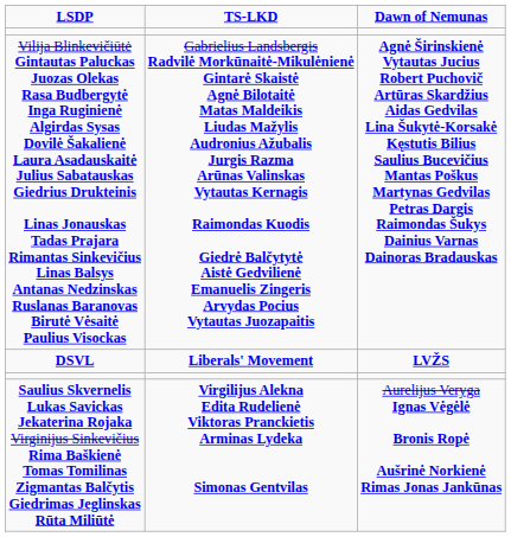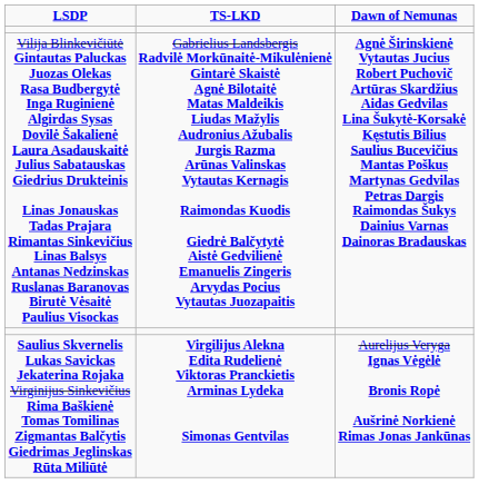 <table class="wikitable sortable" style="text-align:center; margin:left">
 <tr>
 <td><strong><a href='#'>LSDP</a></strong></td>
 <td><strong><a href='#'>TS-LKD</a></strong></td>
 <td><strong><a href='#'>Dawn of Nemunas</a></strong></td>
 </tr>
 <tr>
 <td></td>
 <td></td>
 <td></td>
 </tr>
 <tr>
 <td valign=top><del><a href='#'>Vilija Blinkevičiūtė</a></del><br><strong><a href='#'>Gintautas Paluckas</a></strong><br><strong><a href='#'>Juozas Olekas</a></strong><br><strong><a href='#'>Rasa Budbergytė</a></strong><br><strong><a href='#'>Inga Ruginienė</a></strong><br><strong><a href='#'>Algirdas Sysas</a></strong><br><strong><a href='#'>Dovilė Šakalienė</a></strong><br><strong><a href='#'>Laura Asadauskaitė</a></strong><br><strong><a href='#'>Julius Sabatauskas</a></strong><br><strong><a href='#'>Giedrius Drukteinis</a></strong><br><strong></strong><br><strong><a href='#'>Linas Jonauskas</a></strong><br><strong><a href='#'>Tadas Prajara</a></strong><br><strong><a href='#'>Rimantas Sinkevičius</a></strong><br><strong><a href='#'>Linas Balsys</a></strong><br><strong><a href='#'>Antanas Nedzinskas</a></strong><br><strong><a href='#'>Ruslanas Baranovas</a></strong><br><strong><a href='#'>Birutė Vėsaitė</a></strong> <br><strong><a href='#'>Paulius Visockas</a></strong></td>
 <td valign=top><del><a href='#'>Gabrielius Landsbergis</a></del><br><strong><a href='#'>Radvilė Morkūnaitė-Mikulėnienė</a></strong><br><strong><a href='#'>Gintarė Skaistė</a></strong><br><strong><a href='#'>Agnė Bilotaitė</a></strong><br><strong><a href='#'>Matas Maldeikis</a></strong><br><strong><a href='#'>Liudas Mažylis</a></strong><br><strong><a href='#'>Audronius Ažubalis</a></strong><br><strong><a href='#'>Jurgis Razma</a></strong><br><strong><a href='#'>Arūnas Valinskas</a></strong><br><strong><a href='#'>Vytautas Kernagis</a></strong><br><strong></strong><br><strong><a href='#'>Raimondas Kuodis</a></strong><br><strong></strong><br><strong><a href='#'>Giedrė Balčytytė</a></strong><br><strong><a href='#'>Aistė Gedvilienė</a></strong><br><strong><a href='#'>Emanuelis Zingeris</a></strong><br><strong><a href='#'>Arvydas Pocius</a></strong><br><strong><a href='#'>Vytautas Juozapaitis</a></strong></td>
 <td valign=top><strong><a href='#'>Agnė Širinskienė</a></strong><br><strong><a href='#'>Vytautas Jucius</a></strong><br><strong><a href='#'>Robert Puchovič</a></strong><br><strong><a href='#'>Artūras Skardžius</a></strong><br><strong><a href='#'>Aidas Gedvilas</a></strong><br><strong><a href='#'>Lina Šukytė-Korsakė</a></strong><br><strong><a href='#'>Kęstutis Bilius</a></strong><br><strong><a href='#'>Saulius Bucevičius</a></strong><br><strong><a href='#'>Mantas Poškus</a></strong><br><strong><a href='#'>Martynas Gedvilas</a></strong><br><strong><a href='#'>Petras Dargis</a></strong><br><strong><a href='#'>Raimondas Šukys</a></strong><br><strong><a href='#'>Dainius Varnas</a></strong><br><strong><a href='#'>Dainoras Bradauskas</a></strong></td>
 </tr>
 <tr>
-<td><strong><a href='#'>DSVL</a></strong></td>
-<td><strong><a href='#'>Liberals' Movement</a></strong></td>
-<td><strong><a href='#'>LVŽS</a></strong></td>
-</tr>
-<tr>
 <td></td>
 <td></td>
 <td></td>
 </tr>
 <tr>
 <td valign=top><strong><a href='#'>Saulius Skvernelis</a></strong><br><strong><a href='#'>Lukas Savickas</a></strong><br><strong><a href='#'>Jekaterina Rojaka</a></strong><br><del><a href='#'>Virginijus Sinkevičius</a></del><br><strong><a href='#'>Rima Baškienė</a></strong><br><strong><a href='#'>Tomas Tomilinas</a></strong><br><strong><a href='#'>Zigmantas Balčytis</a></strong><br><strong><a href='#'>Giedrimas Jeglinskas</a></strong><br><strong><a href='#'>Rūta Miliūtė</a></strong></td>
 <td valign=top><strong><a href='#'>Virgilijus Alekna</a></strong><br><strong><a href='#'>Edita Rudelienė</a></strong><br><strong><a href='#'>Viktoras Pranckietis</a></strong><br><strong><a href='#'>Arminas Lydeka</a></strong><br><strong></strong><br><strong></strong><br><strong><a href='#'>Simonas Gentvilas</a></strong></td>
 <td valign=top><del><a href='#'>Aurelijus Veryga</a></del><br><strong><a href='#'>Ignas Vėgėlė</a></strong><br><strong></strong><br><strong><a href='#'>Bronis Ropė</a></strong><br><strong></strong><br><strong><a href='#'>Aušrinė Norkienė</a></strong><br><strong><a href='#'>Rimas Jonas Jankūnas</a></strong></td>
 </tr>
 </table>
